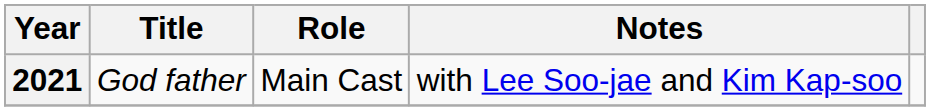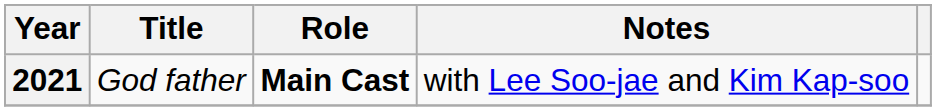 <table class="wikitable sortable plainrowheaders">
 <tr>
 <th scope="col">Year</th>
 <th scope="col">Title</th>
 <th scope="col">Role</th>
 <th scope="col">Notes</th>
 <th scope="col" class="unsortable"></th>
 </tr>
 <tr>
 <th scope="row">2021</th>
 <td><em>God father</em></td>
-<td>Main Cast</td>
+<td><strong>Main Cast</strong></td>
 <td>with <a href='#'>Lee Soo-jae</a> and <a href='#'>Kim Kap-soo</a></td>
 <td></td>
 </tr>
 <tr>
 </tr>
 </table>
